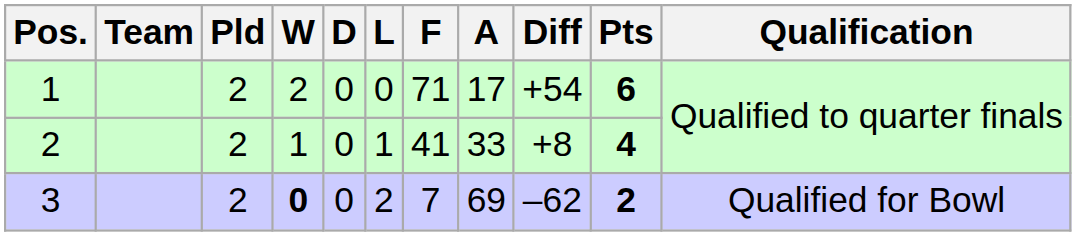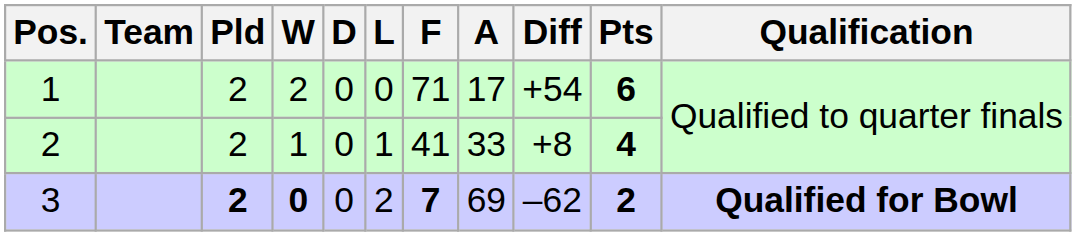 <table class="wikitable" style="text-align:center;">
 <tr>
 <th>Pos.</th>
 <th>Team</th>
 <th>Pld</th>
 <th>W</th>
 <th>D</th>
 <th>L</th>
 <th>F</th>
 <th>A</th>
 <th>Diff</th>
 <th>Pts</th>
 <th>Qualification</th>
 </tr>
 <tr bgcolor="ccffcc">
 <td>1</td>
 <td align=left></td>
 <td>2</td>
 <td>2</td>
 <td>0</td>
 <td>0</td>
 <td>71</td>
 <td>17</td>
 <td>+54</td>
 <td><strong>6</strong></td>
 <td rowspan="2">Qualified to quarter finals</td>
 </tr>
 <tr bgcolor="ccffcc">
 <td>2</td>
 <td align=left></td>
 <td>2</td>
 <td>1</td>
 <td>0</td>
 <td>1</td>
 <td>41</td>
 <td>33</td>
 <td>+8</td>
 <td><strong>4</strong></td>
 </tr>
 <tr bgcolor="ccccff">
 <td>3</td>
 <td align=left></td>
-<td>2</td>
+<td><strong>2</strong></td>
 <td><strong>0</strong></td>
 <td>0</td>
 <td>2</td>
-<td>7</td>
+<td><strong>7</strong></td>
 <td>69</td>
 <td>–62</td>
 <td><strong>2</strong></td>
-<td>Qualified for Bowl</td>
+<td><strong>Qualified for Bowl</strong></td>
 </tr>
 </table>
